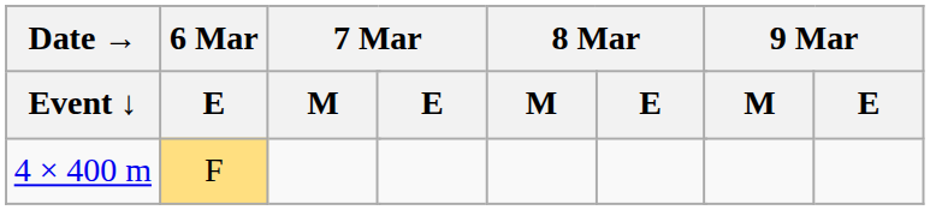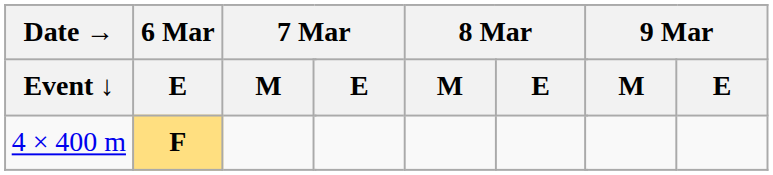 <table class="wikitable mw-datatable" style="margin:0.5em auto; font-size:90%; line-height:1.5em;">
 <tr align="center">
 <th>Date →</th>
 <th width="40px" colspan=1>6 Mar</th>
 <th width="80px" colspan=4>7 Mar</th>
 <th width="80px" colspan=4>8 Mar</th>
 <th width="80px" colspan=2>9 Mar</th>
 </tr>
 <tr>
 <th>Event ↓</th>
 <th width="40px">E</th>
 <th width="40px" colspan=2>M</th>
 <th width="40px" colspan=2>E</th>
 <th width="40px" colspan=2>M</th>
 <th width="40px" colspan=2>E</th>
 <th width="40px">M</th>
 <th width="40px">E</th>
 </tr>
 <tr align="center">
 <td align="left"><a href='#'>4 × 400 m</a></td>
-<td bgcolor="#FFDF80">F</td>
+<td bgcolor="#FFDF80"><strong>F</strong></td>
 <td colspan=2></td>
 <td colspan=2></td>
 <td colspan=2></td>
 <td colspan=2></td>
 <td></td>
 <td></td>
 </tr>
 </table>
